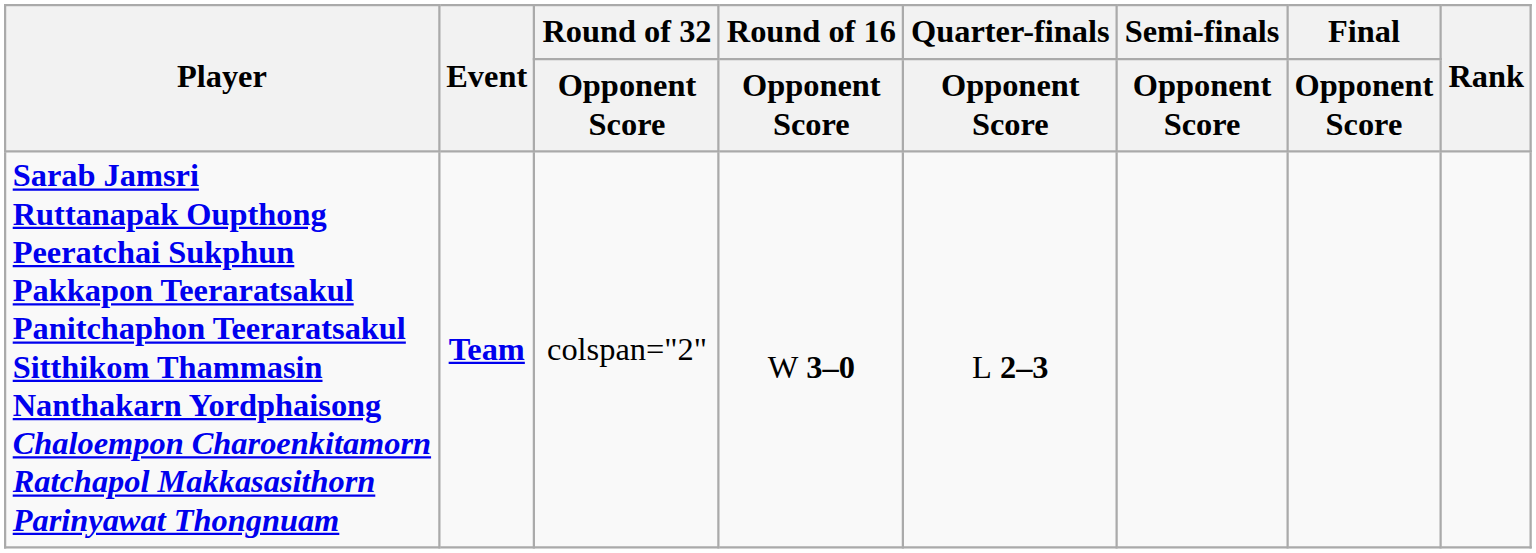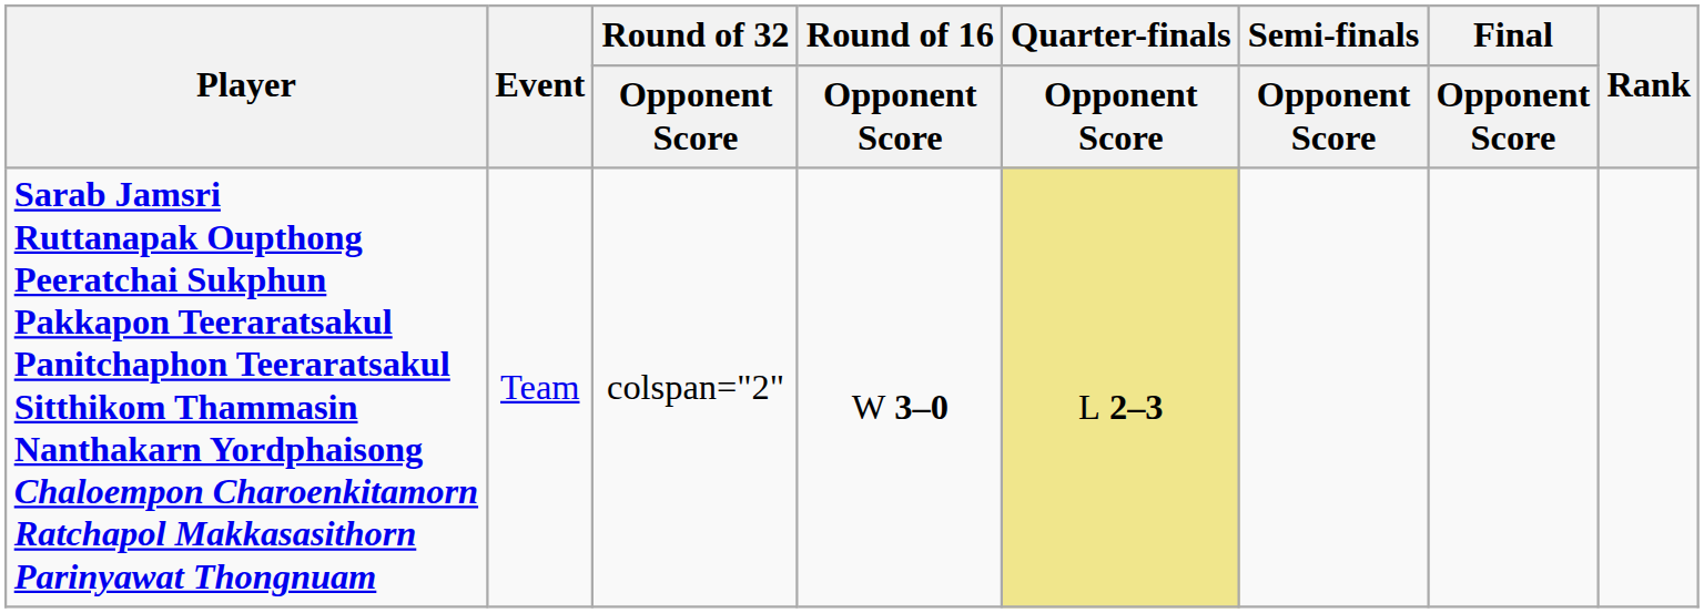 <table class="wikitable" style="font-size:90%; text-align:center">
 <tr>
 <th rowspan="2">Player</th>
 <th rowspan="2">Event</th>
 <th>Round of 32</th>
 <th>Round of 16</th>
 <th>Quarter-finals</th>
 <th>Semi-finals</th>
 <th>Final</th>
 <th rowspan="2">Rank</th>
 </tr>
 <tr>
 <th>Opponent<br>Score</th>
 <th>Opponent<br>Score</th>
 <th>Opponent<br>Score</th>
 <th>Opponent<br>Score</th>
 <th>Opponent<br>Score</th>
 </tr>
 <tr>
 <td align="left"><strong><a href='#'>Sarab Jamsri</a><br><a href='#'>Ruttanapak Oupthong</a><br><a href='#'>Peeratchai Sukphun</a><br><a href='#'>Pakkapon Teeraratsakul</a><br><a href='#'>Panitchaphon Teeraratsakul</a><br><a href='#'>Sitthikom Thammasin</a><br><a href='#'>Nanthakarn Yordphaisong</a><br><em><a href='#'>Chaloempon Charoenkitamorn</a></em><br><em><a href='#'>Ratchapol Makkasasithorn</a></em><br><em><a href='#'>Parinyawat Thongnuam</a><strong><em></td>
-<td><strong><a href='#'>Team</a></strong></td>
+<td><a href='#'>Team</a></td>
 <td>colspan="2" </td>
 <td><br></strong>W<strong> 3–0</td>
-<td><br></strong>L<strong> 2–3</td>
+<td style="background: khaki;"><br></strong>L<strong> 2–3</td>
 <td></td>
 <td></td>
 </tr>
 </table>
